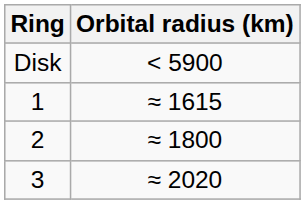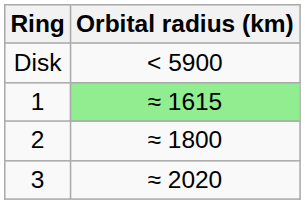 <table class="wikitable floatright">
 <tr>
 <th>Ring</th>
 <th>Orbital radius (km)</th>
 </tr>
 <tr style="text-align:center;">
 <td>Disk</td>
 <td style="text-align:center;">< 5900</td>
 </tr>
 <tr style="text-align:center;">
 <td>1</td>
-<td style="text-align:center;">≈ 1615</td>
+<td style="background: lightgreen; text-align:center;">≈ 1615</td>
 </tr>
 <tr style="text-align:center;">
 <td>2</td>
 <td style="text-align:center;">≈ 1800</td>
 </tr>
 <tr style="text-align:center;">
 <td>3</td>
 <td style="text-align:center;">≈ 2020</td>
 </tr>
 </table>
